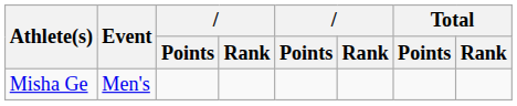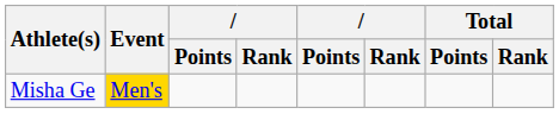 <table class="wikitable">
 <tr>
 <th rowspan="2">Athlete(s)</th>
 <th rowspan="2">Event</th>
 <th colspan="2">/</th>
 <th colspan="2">/</th>
 <th colspan="2">Total</th>
 </tr>
 <tr>
 <th>Points</th>
 <th>Rank</th>
 <th>Points</th>
 <th>Rank</th>
 <th>Points</th>
 <th>Rank</th>
 </tr>
 <tr>
 <td><a href='#'>Misha Ge</a></td>
-<td><a href='#'>Men's</a></td>
+<td style="background: gold;"><a href='#'>Men's</a></td>
 <td></td>
 <td></td>
 <td></td>
 <td></td>
 <td></td>
 <td></td>
 </tr>
 </table>
